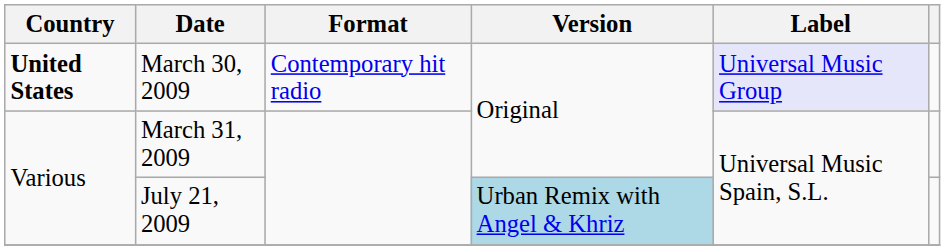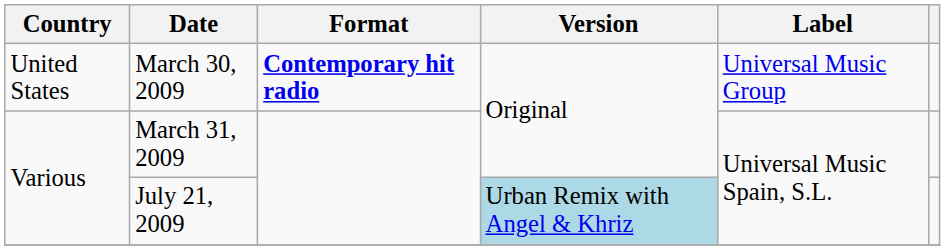 <table class="wikitable plainrowheaders" border="1">
 <tr>
 <th scope="col">Country</th>
 <th scope="col">Date</th>
 <th scope="col">Format</th>
 <th scope="col">Version</th>
 <th scope="col">Label</th>
 <th scope="col"></th>
 </tr>
 <tr>
-<td><strong>United States</strong></td>
+<td>United States</td>
 <td>March 30, 2009</td>
-<td><a href='#'>Contemporary hit radio</a></td>
+<td><strong><a href='#'>Contemporary hit radio</a></strong></td>
 <td rowspan="2">Original</td>
-<td style="background: lavender;"><a href='#'>Universal Music Group</a></td>
+<td><a href='#'>Universal Music Group</a></td>
 <td align="center"></td>
 </tr>
 <tr>
 <td rowspan="2">Various</td>
 <td>March 31, 2009</td>
 <td rowspan="2"></td>
 <td rowspan="2">Universal Music Spain, S.L.</td>
 <td align="center"></td>
 </tr>
 <tr>
 <td>July 21, 2009</td>
 <td style="background: lightblue;">Urban Remix with <a href='#'>Angel & Khriz</a></td>
 <td align="center"></td>
 </tr>
 <tr>
 </tr>
 </table>
